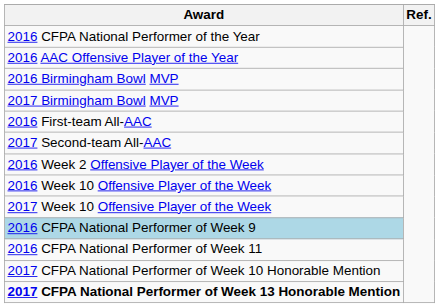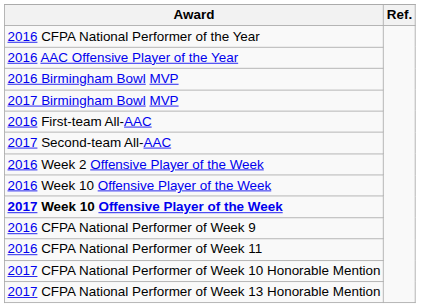 <table class="wikitable">
 <tr>
 </tr>
 <tr>
 <th>Award</th>
 <th>Ref.</th>
 </tr>
 <tr>
 <td><a href='#'>2016</a> CFPA National Performer of the Year</td>
 </tr>
 <tr>
 <td><a href='#'>2016</a> <a href='#'>AAC Offensive Player of the Year</a></td>
 </tr>
 <tr>
 <td><a href='#'>2016 Birmingham Bowl</a> <a href='#'>MVP</a></td>
 </tr>
 <tr>
 <td><a href='#'>2017 Birmingham Bowl</a> <a href='#'>MVP</a></td>
 </tr>
 <tr>
 <td><a href='#'>2016</a> First-team All-<a href='#'>AAC</a></td>
 </tr>
 <tr>
 <td><a href='#'>2017</a> Second-team All-<a href='#'>AAC</a></td>
 </tr>
 <tr>
 <td><a href='#'>2016</a> Week 2 <a href='#'>Offensive Player of the Week</a></td>
 </tr>
 <tr>
 <td><a href='#'>2016</a> Week 10 <a href='#'>Offensive Player of the Week</a></td>
 </tr>
 <tr>
-<td><a href='#'>2017</a> Week 10 <a href='#'>Offensive Player of the Week</a></td>
+<td><strong><a href='#'>2017</a> Week 10 <a href='#'>Offensive Player of the Week</a></strong></td>
 </tr>
 <tr>
-<td style="background: lightblue;"><a href='#'>2016</a> CFPA National Performer of Week 9</td>
+<td><a href='#'>2016</a> CFPA National Performer of Week 9</td>
 </tr>
 <tr>
 <td><a href='#'>2016</a> CFPA National Performer of Week 11</td>
 </tr>
 <tr>
 <td><a href='#'>2017</a> CFPA National Performer of Week 10 Honorable Mention</td>
 </tr>
 <tr>
-<td><strong><a href='#'>2017</a> CFPA National Performer of Week 13 Honorable Mention</strong></td>
+<td><a href='#'>2017</a> CFPA National Performer of Week 13 Honorable Mention</td>
 </tr>
 </table>
